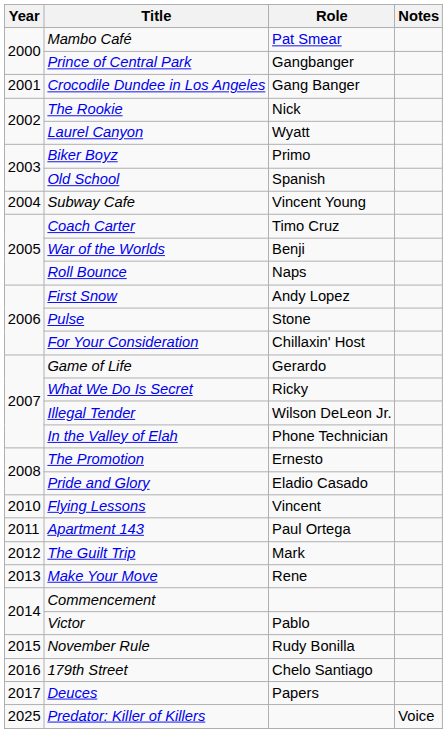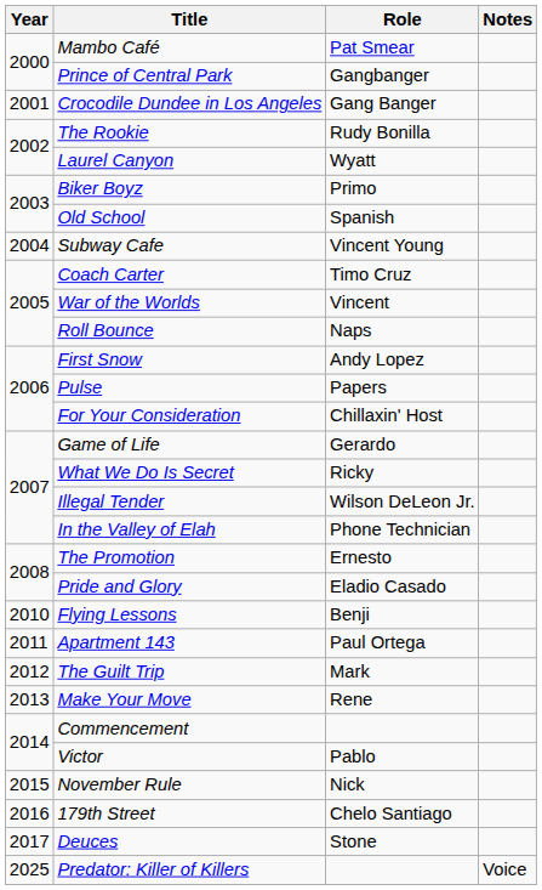 <table class="wikitable sortable">
 <tr>
 <th>Year</th>
 <th>Title</th>
 <th>Role</th>
 <th class="unsortable">Notes</th>
 </tr>
 <tr>
 <td rowspan="2">2000</td>
 <td><em>Mambo Café</em></td>
 <td><a href='#'>Pat Smear</a></td>
 <td></td>
 </tr>
 <tr>
 <td><em><a href='#'>Prince of Central Park</a></em></td>
 <td>Gangbanger</td>
 <td></td>
 </tr>
 <tr>
 <td>2001</td>
 <td><em><a href='#'>Crocodile Dundee in Los Angeles</a></em></td>
 <td>Gang Banger</td>
 <td></td>
 </tr>
 <tr>
 <td rowspan="2">2002</td>
 <td><em><a href='#'>The Rookie</a></em></td>
-<td>Nick</td>
+<td>Rudy Bonilla</td>
 <td></td>
 </tr>
 <tr>
 <td><em><a href='#'>Laurel Canyon</a></em></td>
 <td>Wyatt</td>
 <td></td>
 </tr>
 <tr>
 <td rowspan="2">2003</td>
 <td><em><a href='#'>Biker Boyz</a></em></td>
 <td>Primo</td>
 <td></td>
 </tr>
 <tr>
 <td><em><a href='#'>Old School</a></em></td>
 <td>Spanish</td>
 <td></td>
 </tr>
 <tr>
 <td>2004</td>
 <td><em>Subway Cafe</em></td>
 <td>Vincent Young</td>
 <td></td>
 </tr>
 <tr>
 <td rowspan="3">2005</td>
 <td><em><a href='#'>Coach Carter</a></em></td>
 <td>Timo Cruz</td>
 <td></td>
 </tr>
 <tr>
 <td><em><a href='#'>War of the Worlds</a></em></td>
-<td>Benji</td>
+<td>Vincent</td>
 <td></td>
 </tr>
 <tr>
 <td><em><a href='#'>Roll Bounce</a></em></td>
 <td>Naps</td>
 <td></td>
 </tr>
 <tr>
 <td rowspan="3">2006</td>
 <td><em><a href='#'>First Snow</a></em></td>
 <td>Andy Lopez</td>
 <td></td>
 </tr>
 <tr>
 <td><em><a href='#'>Pulse</a></em></td>
-<td>Stone</td>
+<td>Papers</td>
 <td></td>
 </tr>
 <tr>
 <td><em><a href='#'>For Your Consideration</a></em></td>
 <td>Chillaxin' Host</td>
 <td></td>
 </tr>
 <tr>
 <td rowspan="4">2007</td>
 <td><em>Game of Life</em></td>
 <td>Gerardo</td>
 <td></td>
 </tr>
 <tr>
 <td><em><a href='#'>What We Do Is Secret</a></em></td>
 <td>Ricky</td>
 <td></td>
 </tr>
 <tr>
 <td><em><a href='#'>Illegal Tender</a></em></td>
 <td>Wilson DeLeon Jr.</td>
 <td></td>
 </tr>
 <tr>
 <td><em><a href='#'>In the Valley of Elah</a></em></td>
 <td>Phone Technician</td>
 <td></td>
 </tr>
 <tr>
 <td rowspan="2">2008</td>
 <td><em><a href='#'>The Promotion</a></em></td>
 <td>Ernesto</td>
 <td></td>
 </tr>
 <tr>
 <td><em><a href='#'>Pride and Glory</a></em></td>
 <td>Eladio Casado</td>
 <td></td>
 </tr>
 <tr>
 <td>2010</td>
 <td><em><a href='#'>Flying Lessons</a></em></td>
-<td>Vincent</td>
+<td>Benji</td>
 <td></td>
 </tr>
 <tr>
 <td>2011</td>
 <td><em><a href='#'>Apartment 143</a></em></td>
 <td>Paul Ortega</td>
 <td></td>
 </tr>
 <tr>
 <td>2012</td>
 <td><em><a href='#'>The Guilt Trip</a></em></td>
 <td>Mark</td>
 <td></td>
 </tr>
 <tr>
 <td>2013</td>
 <td><em><a href='#'>Make Your Move</a></em></td>
 <td>Rene</td>
 <td></td>
 </tr>
 <tr>
 <td rowspan="2">2014</td>
 <td><em>Commencement</em></td>
 <td></td>
 <td></td>
 </tr>
 <tr>
 <td><em>Victor</em></td>
 <td>Pablo</td>
 <td></td>
 </tr>
 <tr>
 <td>2015</td>
 <td><em>November Rule</em></td>
-<td>Rudy Bonilla</td>
+<td>Nick</td>
 <td></td>
 </tr>
 <tr>
 <td>2016</td>
 <td><em>179th Street</em></td>
 <td>Chelo Santiago</td>
 <td></td>
 </tr>
 <tr>
 <td>2017</td>
 <td><em><a href='#'>Deuces</a></em></td>
-<td>Papers</td>
+<td>Stone</td>
 <td></td>
 </tr>
 <tr>
 <td>2025</td>
 <td><em><a href='#'>Predator: Killer of Killers</a></em></td>
 <td></td>
 <td>Voice</td>
 </tr>
 </table>
